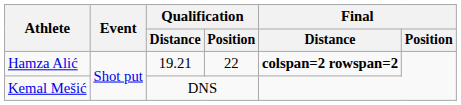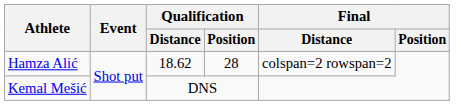 <table class=wikitable style="font-size:90%">
 <tr>
 <th rowspan="2">Athlete</th>
 <th rowspan="2">Event</th>
 <th colspan="2">Qualification</th>
 <th colspan="2">Final</th>
 </tr>
 <tr style="font-size:95%">
 <th>Distance</th>
 <th>Position</th>
 <th>Distance</th>
 <th>Position</th>
 </tr>
 <tr style=text-align:center>
 <td style=text-align:left><a href='#'>Hamza Alić</a></td>
 <td style=text-align:left rowspan=2><a href='#'>Shot put</a></td>
-<td>19.21</td>
-<td>22</td>
-<td><strong>colspan=2 rowspan=2 </strong></td>
+<td>18.62</td>
+<td>28</td>
+<td>colspan=2 rowspan=2 </td>
 </tr>
 <tr style=text-align:center>
 <td style=text-align:left><a href='#'>Kemal Mešić</a></td>
 <td colspan="2">DNS</td>
 </tr>
 </table>
